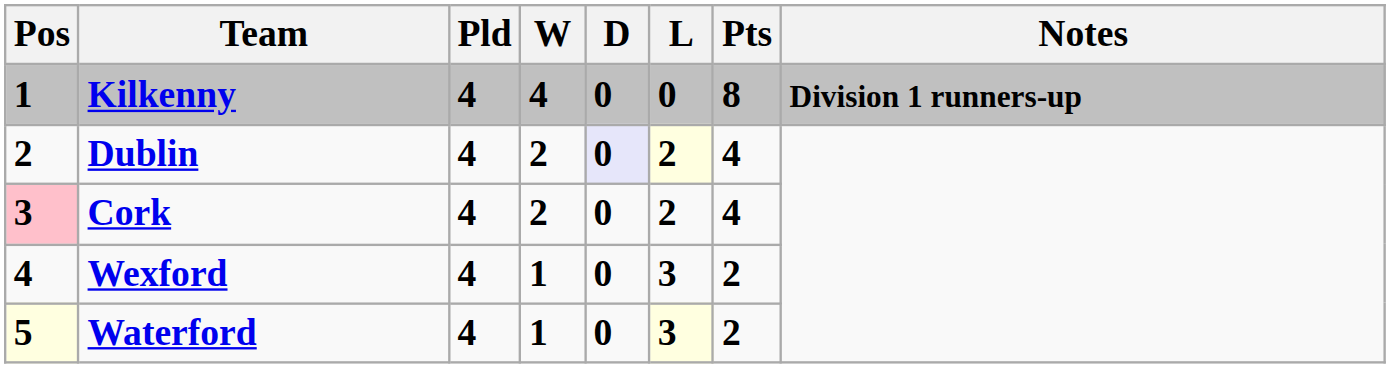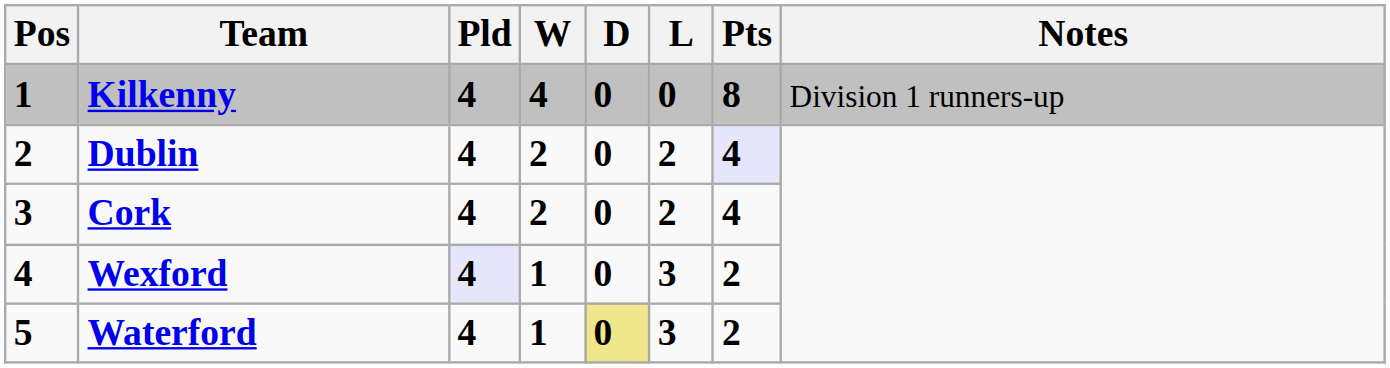 <table class="wikitable" style="text-align: centre;">
 <tr>
 <th width=20>Pos</th>
 <th width=150>Team</th>
 <th width=20>Pld</th>
 <th width=20>W</th>
 <th width=20>D</th>
 <th width=20>L</th>
 <th width=20>Pts</th>
 <th width=250>Notes</th>
 </tr>
 <tr style="background:silver;">
 <td><strong>1</strong></td>
 <td align=left><strong> <a href='#'>Kilkenny</a> </strong></td>
 <td><strong>4</strong></td>
 <td><strong>4</strong></td>
 <td><strong>0</strong></td>
 <td><strong>0</strong></td>
 <td><strong>8</strong></td>
-<td><strong><small> Division 1 runners-up</small></strong></td>
+<td><small> Division 1 runners-up</small></td>
 </tr>
 <tr>
 <td><strong>2</strong></td>
 <td align=left><strong> <a href='#'>Dublin</a> </strong></td>
 <td><strong>4</strong></td>
 <td><strong>2</strong></td>
-<td style="background: lavender;"><strong>0</strong></td>
-<td style="background: lightyellow;"><strong>2</strong></td>
-<td><strong>4</strong></td>
+<td><strong>0</strong></td>
+<td><strong>2</strong></td>
+<td style="background: lavender;"><strong>4</strong></td>
 </tr>
 <tr>
-<td style="background: pink;"><strong>3</strong></td>
+<td><strong>3</strong></td>
 <td align=left><strong> <a href='#'>Cork</a> </strong></td>
 <td><strong>4</strong></td>
 <td><strong>2</strong></td>
 <td><strong>0</strong></td>
 <td><strong>2</strong></td>
 <td><strong>4</strong></td>
 </tr>
 <tr>
 <td><strong>4</strong></td>
 <td align=left><strong> <a href='#'>Wexford</a> </strong></td>
-<td><strong>4</strong></td>
+<td style="background: lavender;"><strong>4</strong></td>
 <td><strong>1</strong></td>
 <td><strong>0</strong></td>
 <td><strong>3</strong></td>
 <td><strong>2</strong></td>
 </tr>
 <tr>
-<td style="background: lightyellow;"><strong>5</strong></td>
+<td><strong>5</strong></td>
 <td align=left><strong> <a href='#'>Waterford</a> </strong></td>
 <td><strong>4</strong></td>
 <td><strong>1</strong></td>
-<td><strong>0</strong></td>
-<td style="background: lightyellow;"><strong>3</strong></td>
+<td style="background: khaki;"><strong>0</strong></td>
+<td><strong>3</strong></td>
 <td><strong>2</strong></td>
 </tr>
 </table>
